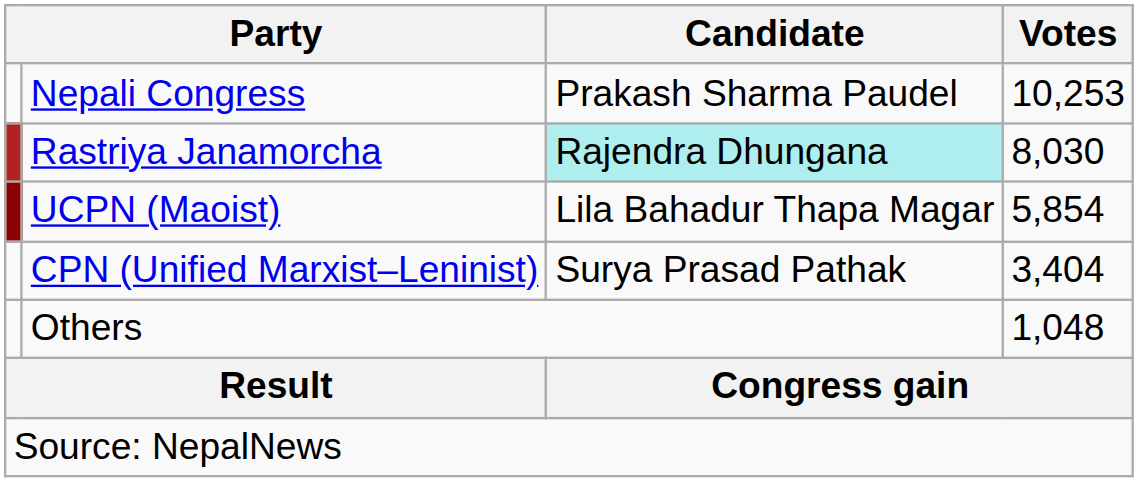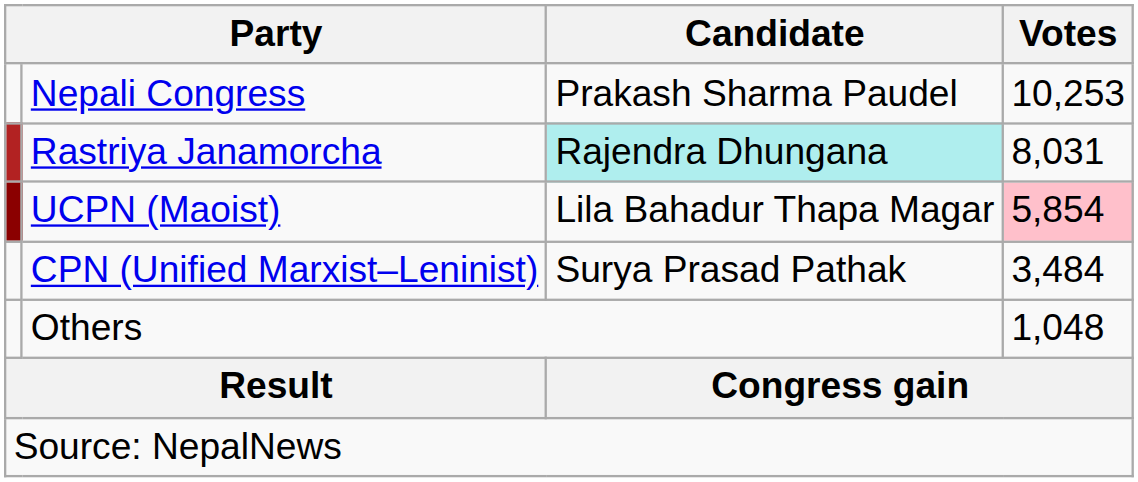 <table class="wikitable">
 <tr>
 <th colspan="2">Party</th>
 <th>Candidate</th>
 <th>Votes</th>
 </tr>
 <tr>
 <td style="background-color:"></td>
 <td><a href='#'>Nepali Congress</a></td>
 <td>Prakash Sharma Paudel</td>
 <td>10,253</td>
 </tr>
 <tr>
 <td style="background-color:firebrick"></td>
 <td><a href='#'>Rastriya Janamorcha</a></td>
 <td style="background: paleturquoise;">Rajendra Dhungana</td>
-<td>8,030</td>
+<td>8,031</td>
 </tr>
 <tr>
 <td style="background-color:darkred"></td>
 <td><a href='#'>UCPN (Maoist)</a></td>
 <td>Lila Bahadur Thapa Magar</td>
-<td>5,854</td>
+<td style="background: pink;">5,854</td>
 </tr>
 <tr>
 <td style="background-color:"></td>
 <td><a href='#'>CPN (Unified Marxist–Leninist)</a></td>
 <td>Surya Prasad Pathak</td>
-<td>3,404</td>
+<td>3,484</td>
 </tr>
 <tr>
 <td></td>
 <td colspan="2">Others</td>
 <td>1,048</td>
 </tr>
 <tr>
 <th colspan="2">Result</th>
 <th colspan="2">Congress gain</th>
 </tr>
 <tr>
 <td colspan="4">Source: NepalNews</td>
 </tr>
 </table>
